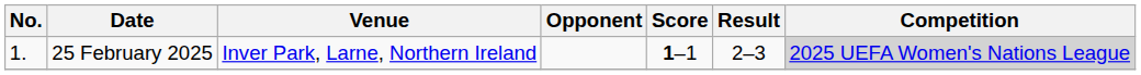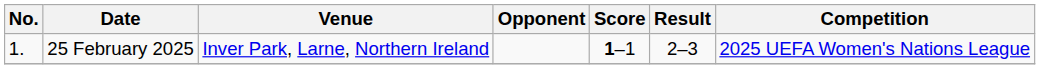 <table class="wikitable">
 <tr>
 <th>No.</th>
 <th>Date</th>
 <th>Venue</th>
 <th>Opponent</th>
 <th>Score</th>
 <th>Result</th>
 <th>Competition</th>
 </tr>
 <tr>
 <td>1.</td>
 <td>25 February 2025</td>
 <td><a href='#'>Inver Park</a>, <a href='#'>Larne</a>, <a href='#'>Northern Ireland</a></td>
 <td></td>
 <td align=center><strong>1</strong>–1</td>
 <td align=center>2–3</td>
-<td style="background: lightgrey;"><a href='#'>2025 UEFA Women's Nations League</a></td>
+<td><a href='#'>2025 UEFA Women's Nations League</a></td>
 </tr>
 <tr>
 </tr>
 </table>
